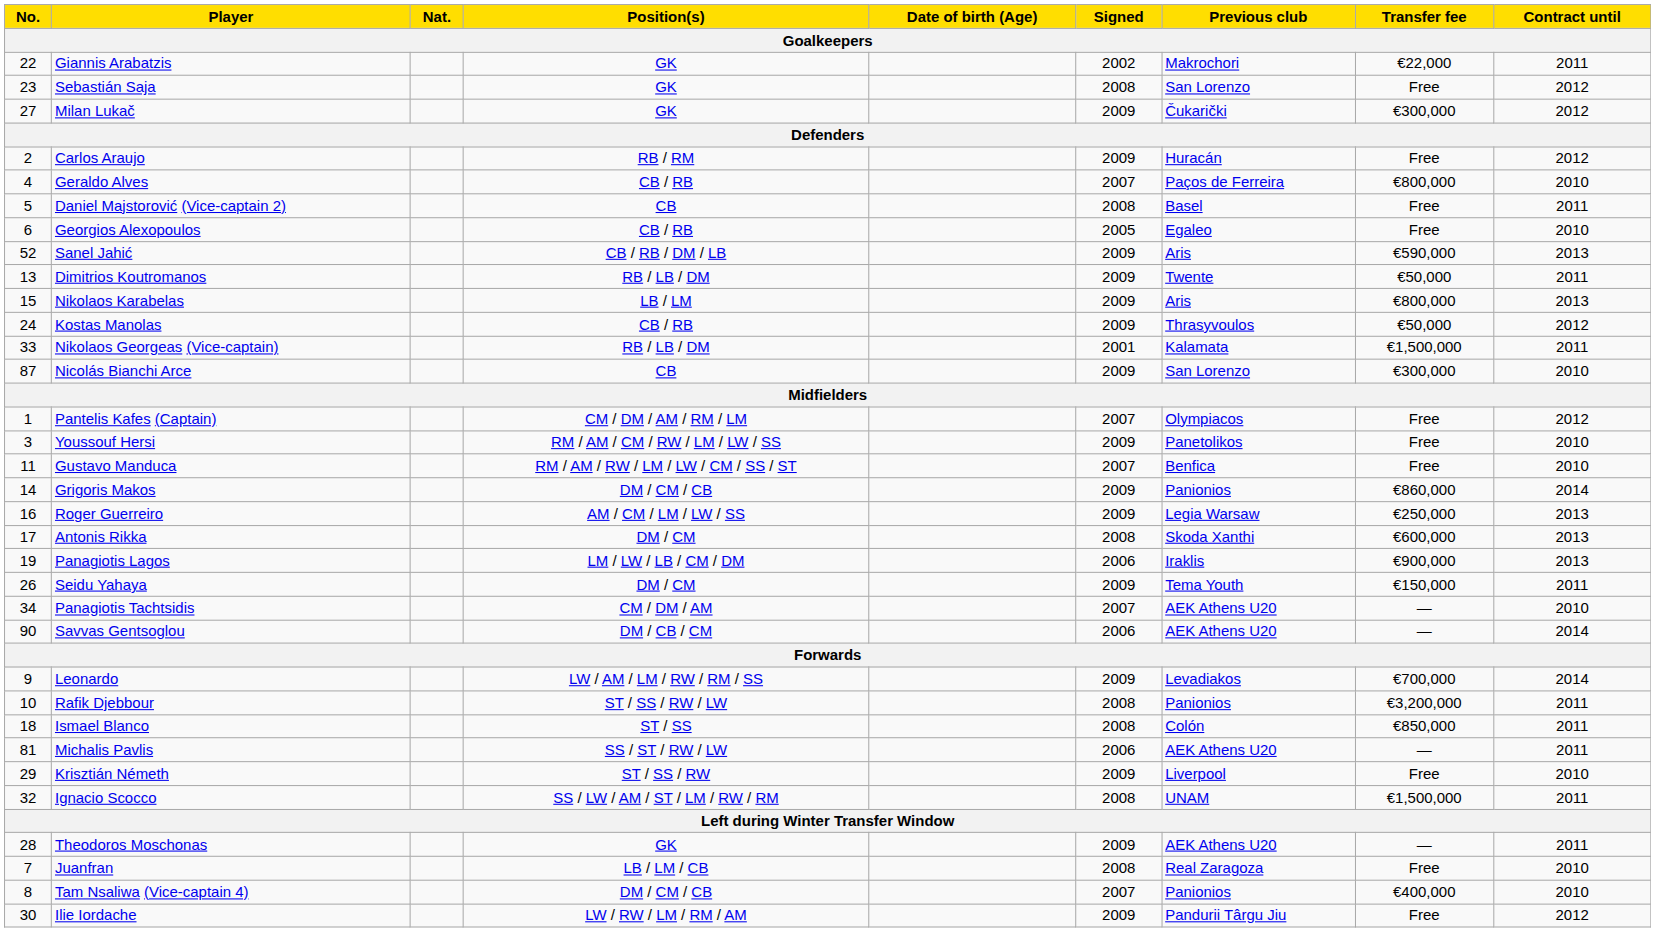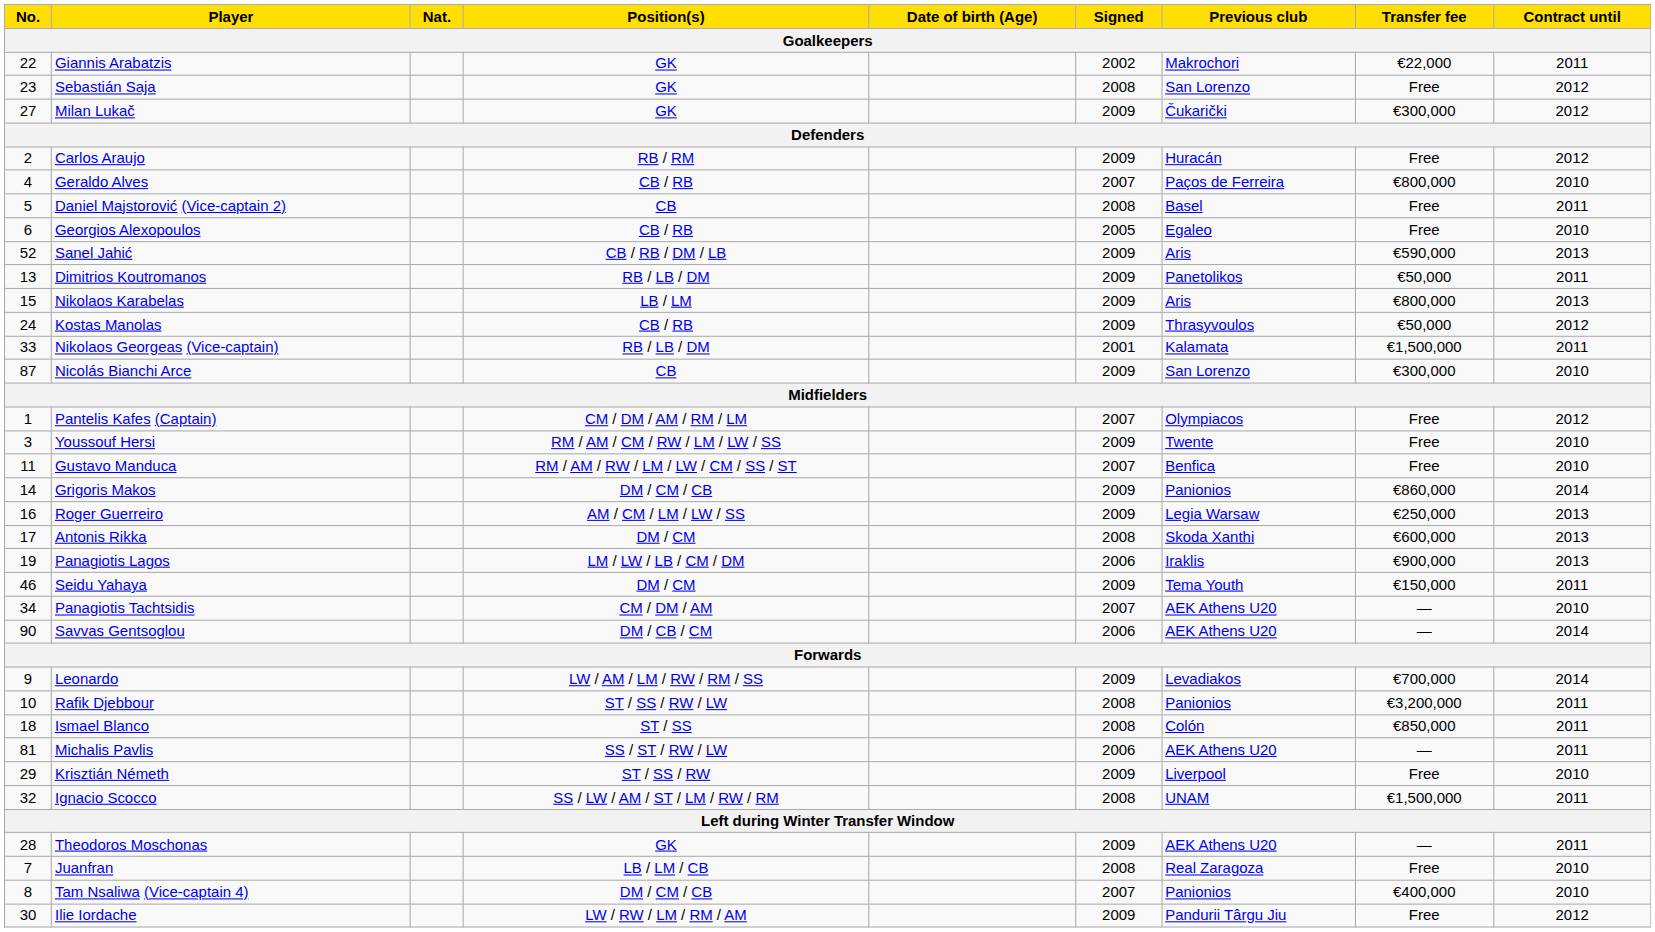 <table class="wikitable" style="text-align:center; font-size:90%; width:100%">
 <tr>
 <th style="background:#FFDE00">No.</th>
 <th style="background:#FFDE00">Player</th>
 <th style="background:#FFDE00">Nat.</th>
 <th style="background:#FFDE00">Position(s)</th>
 <th style="background:#FFDE00">Date of birth (Age)</th>
 <th style="background:#FFDE00">Signed</th>
 <th style="background:#FFDE00">Previous club</th>
 <th style="background:#FFDE00">Transfer fee</th>
 <th style="background:#FFDE00">Contract until</th>
 </tr>
 <tr>
 <th colspan="9">Goalkeepers</th>
 </tr>
 <tr>
 <td>22</td>
 <td align=left><a href='#'>Giannis Arabatzis</a></td>
 <td></td>
 <td><a href='#'>GK</a></td>
 <td></td>
 <td>2002</td>
 <td align=left> <a href='#'>Makrochori</a></td>
 <td>€22,000</td>
 <td>2011</td>
 </tr>
 <tr>
 <td>23</td>
 <td align=left><a href='#'>Sebastián Saja</a></td>
 <td></td>
 <td><a href='#'>GK</a></td>
 <td></td>
 <td>2008</td>
 <td align=left> <a href='#'>San Lorenzo</a></td>
 <td>Free</td>
 <td>2012</td>
 </tr>
 <tr>
 <td>27</td>
 <td align=left><a href='#'>Milan Lukač</a></td>
 <td></td>
 <td><a href='#'>GK</a></td>
 <td></td>
 <td>2009</td>
 <td align=left> <a href='#'>Čukarički</a></td>
 <td>€300,000</td>
 <td>2012</td>
 </tr>
 <tr>
 <th colspan="9">Defenders</th>
 </tr>
 <tr>
 <td>2</td>
 <td align=left><a href='#'>Carlos Araujo</a></td>
 <td></td>
 <td><a href='#'>RB</a> / <a href='#'>RM</a></td>
 <td></td>
 <td>2009</td>
 <td align=left> <a href='#'>Huracán</a></td>
 <td>Free</td>
 <td>2012</td>
 </tr>
 <tr>
 <td>4</td>
 <td align=left><a href='#'>Geraldo Alves</a></td>
 <td></td>
 <td><a href='#'>CB</a> / <a href='#'>RB</a></td>
 <td></td>
 <td>2007</td>
 <td align=left> <a href='#'>Paços de Ferreira</a></td>
 <td>€800,000</td>
 <td>2010</td>
 </tr>
 <tr>
 <td>5</td>
 <td align=left><a href='#'>Daniel Majstorović</a> <a href='#'>(Vice-captain 2)</a></td>
 <td></td>
 <td><a href='#'>CB</a></td>
 <td></td>
 <td>2008</td>
 <td align=left> <a href='#'>Basel</a></td>
 <td>Free</td>
 <td>2011</td>
 </tr>
 <tr>
 <td>6</td>
 <td align=left><a href='#'>Georgios Alexopoulos</a></td>
 <td></td>
 <td><a href='#'>CB</a> / <a href='#'>RB</a></td>
 <td></td>
 <td>2005</td>
 <td align=left> <a href='#'>Egaleo</a></td>
 <td>Free</td>
 <td>2010</td>
 </tr>
 <tr>
 <td>52</td>
 <td align=left><a href='#'>Sanel Jahić</a></td>
 <td></td>
 <td><a href='#'>CB</a> / <a href='#'>RB</a> / <a href='#'>DM</a> / <a href='#'>LB</a></td>
 <td></td>
 <td>2009</td>
 <td align=left> <a href='#'>Aris</a></td>
 <td>€590,000</td>
 <td>2013</td>
 </tr>
 <tr>
 <td>13</td>
 <td align=left><a href='#'>Dimitrios Koutromanos</a></td>
 <td></td>
 <td><a href='#'>RB</a> / <a href='#'>LB</a> / <a href='#'>DM</a></td>
 <td></td>
 <td>2009</td>
-<td align=left> <a href='#'>Twente</a></td>
+<td align=left> <a href='#'>Panetolikos</a></td>
 <td>€50,000</td>
 <td>2011</td>
 </tr>
 <tr>
 <td>15</td>
 <td align=left><a href='#'>Nikolaos Karabelas</a></td>
 <td></td>
 <td><a href='#'>LB</a> / <a href='#'>LM</a></td>
 <td></td>
 <td>2009</td>
 <td align=left> <a href='#'>Aris</a></td>
 <td>€800,000</td>
 <td>2013</td>
 </tr>
 <tr>
 <td>24</td>
 <td align=left><a href='#'>Kostas Manolas</a></td>
 <td></td>
 <td><a href='#'>CB</a> / <a href='#'>RB</a></td>
 <td></td>
 <td>2009</td>
 <td align=left> <a href='#'>Thrasyvoulos</a></td>
 <td>€50,000</td>
 <td>2012</td>
 </tr>
 <tr>
 <td>33</td>
 <td align=left><a href='#'>Nikolaos Georgeas</a> <a href='#'>(Vice-captain)</a></td>
 <td></td>
 <td><a href='#'>RB</a> / <a href='#'>LB</a> / <a href='#'>DM</a></td>
 <td></td>
 <td>2001</td>
 <td align=left> <a href='#'>Kalamata</a></td>
 <td>€1,500,000</td>
 <td>2011</td>
 </tr>
 <tr>
 <td>87</td>
 <td align=left><a href='#'>Nicolás Bianchi Arce</a></td>
 <td></td>
 <td><a href='#'>CB</a></td>
 <td></td>
 <td>2009</td>
 <td align=left> <a href='#'>San Lorenzo</a></td>
 <td>€300,000</td>
 <td>2010</td>
 </tr>
 <tr>
 <th colspan="9">Midfielders</th>
 </tr>
 <tr>
 <td>1</td>
 <td align=left><a href='#'>Pantelis Kafes</a> <a href='#'>(Captain)</a></td>
 <td></td>
 <td><a href='#'>CM</a> / <a href='#'>DM</a> / <a href='#'>AM</a> / <a href='#'>RM</a> / <a href='#'>LM</a></td>
 <td></td>
 <td>2007</td>
 <td align=left> <a href='#'>Olympiacos</a></td>
 <td>Free</td>
 <td>2012</td>
 </tr>
 <tr>
 <td>3</td>
 <td align=left><a href='#'>Youssouf Hersi</a></td>
 <td></td>
 <td><a href='#'>RM</a> / <a href='#'>AM</a> / <a href='#'>CM</a> / <a href='#'>RW</a> / <a href='#'>LM</a> / <a href='#'>LW</a> / <a href='#'>SS</a></td>
 <td></td>
 <td>2009</td>
-<td align=left> <a href='#'>Panetolikos</a></td>
+<td align=left> <a href='#'>Twente</a></td>
 <td>Free</td>
 <td>2010</td>
 </tr>
 <tr>
 <td>11</td>
 <td align=left><a href='#'>Gustavo Manduca</a></td>
 <td></td>
 <td><a href='#'>RM</a> / <a href='#'>AM</a> / <a href='#'>RW</a> / <a href='#'>LM</a> / <a href='#'>LW</a> / <a href='#'>CM</a> / <a href='#'>SS</a> / <a href='#'>ST</a></td>
 <td></td>
 <td>2007</td>
 <td align=left> <a href='#'>Benfica</a></td>
 <td>Free</td>
 <td>2010</td>
 </tr>
 <tr>
 <td>14</td>
 <td align=left><a href='#'>Grigoris Makos</a></td>
 <td></td>
 <td><a href='#'>DM</a> / <a href='#'>CM</a> / <a href='#'>CB</a></td>
 <td></td>
 <td>2009</td>
 <td align=left> <a href='#'>Panionios</a></td>
 <td>€860,000</td>
 <td>2014</td>
 </tr>
 <tr>
 <td>16</td>
 <td align=left><a href='#'>Roger Guerreiro</a></td>
 <td></td>
 <td><a href='#'>AM</a> / <a href='#'>CM</a> / <a href='#'>LM</a> / <a href='#'>LW</a> / <a href='#'>SS</a></td>
 <td></td>
 <td>2009</td>
 <td align=left> <a href='#'>Legia Warsaw</a></td>
 <td>€250,000</td>
 <td>2013</td>
 </tr>
 <tr>
 <td>17</td>
 <td align=left><a href='#'>Antonis Rikka</a></td>
 <td></td>
 <td><a href='#'>DM</a> / <a href='#'>CM</a></td>
 <td></td>
 <td>2008</td>
 <td align=left> <a href='#'>Skoda Xanthi</a></td>
 <td>€600,000</td>
 <td>2013</td>
 </tr>
 <tr>
 <td>19</td>
 <td align=left><a href='#'>Panagiotis Lagos</a></td>
 <td></td>
 <td><a href='#'>LM</a> / <a href='#'>LW</a> / <a href='#'>LB</a> / <a href='#'>CM</a> / <a href='#'>DM</a></td>
 <td></td>
 <td>2006</td>
 <td align=left> <a href='#'>Iraklis</a></td>
 <td>€900,000</td>
 <td>2013</td>
 </tr>
 <tr>
-<td>26</td>
+<td>46</td>
 <td align=left><a href='#'>Seidu Yahaya</a></td>
 <td></td>
 <td><a href='#'>DM</a> / <a href='#'>CM</a></td>
 <td></td>
 <td>2009</td>
 <td align=left> <a href='#'>Tema Youth</a></td>
 <td>€150,000</td>
 <td>2011</td>
 </tr>
 <tr>
 <td>34</td>
 <td align=left><a href='#'>Panagiotis Tachtsidis</a></td>
 <td></td>
 <td><a href='#'>CM</a> / <a href='#'>DM</a> / <a href='#'>AM</a></td>
 <td></td>
 <td>2007</td>
 <td align=left> <a href='#'>AEK Athens U20</a></td>
 <td>—</td>
 <td>2010</td>
 </tr>
 <tr>
 <td>90</td>
 <td align=left><a href='#'>Savvas Gentsoglou</a></td>
 <td></td>
 <td><a href='#'>DM</a> / <a href='#'>CB</a> / <a href='#'>CM</a></td>
 <td></td>
 <td>2006</td>
 <td align=left> <a href='#'>AEK Athens U20</a></td>
 <td>—</td>
 <td>2014</td>
 </tr>
 <tr>
 <th colspan="9">Forwards</th>
 </tr>
 <tr>
 <td>9</td>
 <td align=left><a href='#'>Leonardo</a></td>
 <td></td>
 <td><a href='#'>LW</a> / <a href='#'>AM</a> / <a href='#'>LM</a> / <a href='#'>RW</a> / <a href='#'>RM</a> / <a href='#'>SS</a></td>
 <td></td>
 <td>2009</td>
 <td align=left> <a href='#'>Levadiakos</a></td>
 <td>€700,000</td>
 <td>2014</td>
 </tr>
 <tr>
 <td>10</td>
 <td align=left><a href='#'>Rafik Djebbour</a></td>
 <td></td>
 <td><a href='#'>ST</a> / <a href='#'>SS</a> / <a href='#'>RW</a> / <a href='#'>LW</a></td>
 <td></td>
 <td>2008</td>
 <td align=left> <a href='#'>Panionios</a></td>
 <td>€3,200,000</td>
 <td>2011</td>
 </tr>
 <tr>
 <td>18</td>
 <td align=left><a href='#'>Ismael Blanco</a></td>
 <td></td>
 <td><a href='#'>ST</a> / <a href='#'>SS</a></td>
 <td></td>
 <td>2008</td>
 <td align=left> <a href='#'>Colón</a></td>
 <td>€850,000</td>
 <td>2011</td>
 </tr>
 <tr>
 <td>81</td>
 <td align=left><a href='#'>Michalis Pavlis</a></td>
 <td></td>
 <td><a href='#'>SS</a> / <a href='#'>ST</a> / <a href='#'>RW</a> / <a href='#'>LW</a></td>
 <td></td>
 <td>2006</td>
 <td align=left> <a href='#'>AEK Athens U20</a></td>
 <td>—</td>
 <td>2011</td>
 </tr>
 <tr>
 <td>29</td>
 <td align=left><a href='#'>Krisztián Németh</a></td>
 <td></td>
 <td><a href='#'>ST</a> / <a href='#'>SS</a> / <a href='#'>RW</a></td>
 <td></td>
 <td>2009</td>
 <td align=left> <a href='#'>Liverpool</a></td>
 <td>Free</td>
 <td>2010</td>
 </tr>
 <tr>
 <td>32</td>
 <td align=left><a href='#'>Ignacio Scocco</a></td>
 <td></td>
 <td><a href='#'>SS</a> / <a href='#'>LW</a> / <a href='#'>AM</a> / <a href='#'>ST</a> / <a href='#'>LM</a> / <a href='#'>RW</a> / <a href='#'>RM</a></td>
 <td></td>
 <td>2008</td>
 <td align=left> <a href='#'>UNAM</a></td>
 <td>€1,500,000</td>
 <td>2011</td>
 </tr>
 <tr>
 <th colspan="9">Left during Winter Transfer Window</th>
 </tr>
 <tr>
 <td>28</td>
 <td align=left><a href='#'>Theodoros Moschonas</a></td>
 <td></td>
 <td><a href='#'>GK</a></td>
 <td></td>
 <td>2009</td>
 <td align=left> <a href='#'>AEK Athens U20</a></td>
 <td>—</td>
 <td>2011</td>
 </tr>
 <tr>
 <td>7</td>
 <td align=left><a href='#'>Juanfran</a></td>
 <td></td>
 <td><a href='#'>LB</a> / <a href='#'>LM</a> / <a href='#'>CB</a></td>
 <td></td>
 <td>2008</td>
 <td align=left> <a href='#'>Real Zaragoza</a></td>
 <td>Free</td>
 <td>2010</td>
 </tr>
 <tr>
 <td>8</td>
 <td align=left><a href='#'>Tam Nsaliwa</a> <a href='#'>(Vice-captain 4)</a></td>
 <td></td>
 <td><a href='#'>DM</a> / <a href='#'>CM</a> / <a href='#'>CB</a></td>
 <td></td>
 <td>2007</td>
 <td align=left> <a href='#'>Panionios</a></td>
 <td>€400,000</td>
 <td>2010</td>
 </tr>
 <tr>
 <td>30</td>
 <td align=left><a href='#'>Ilie Iordache</a></td>
 <td></td>
 <td><a href='#'>LW</a> / <a href='#'>RW</a> / <a href='#'>LM</a> / <a href='#'>RM</a> / <a href='#'>AM</a></td>
 <td></td>
 <td>2009</td>
 <td align=left> <a href='#'>Pandurii Târgu Jiu</a></td>
 <td>Free</td>
 <td>2012</td>
 </tr>
 </table>
